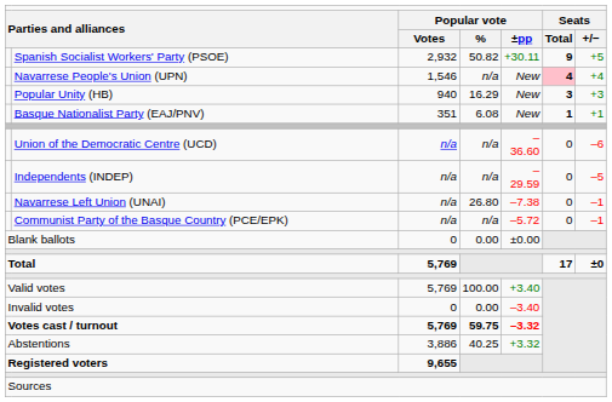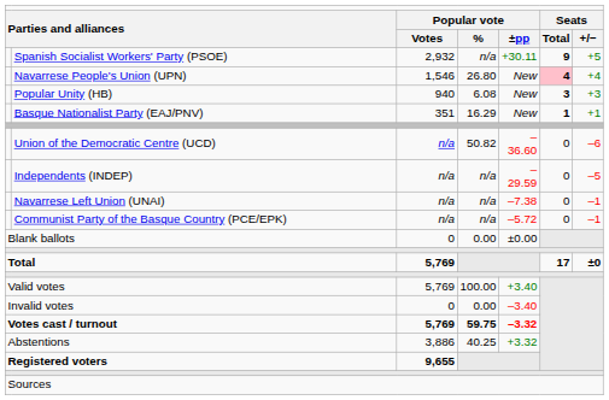 <table class="wikitable" style="text-align:right;">
 <tr>
 <td colspan="7"></td>
 </tr>
 <tr>
 <th style="text-align:left;" rowspan="2" colspan="2" width="525">Parties and alliances</th>
 <th colspan="3">Popular vote</th>
 <th colspan="2">Seats</th>
 </tr>
 <tr>
 <th width="75">Votes</th>
 <th width="45">%</th>
 <th width="45">±<a href='#'>pp</a></th>
 <th width="35">Total</th>
 <th width="35">+/−</th>
 </tr>
 <tr>
 <td width="1" style="color:inherit;background:"></td>
 <td align="left"><a href='#'>Spanish Socialist Workers' Party</a> (PSOE)</td>
 <td>2,932</td>
-<td>50.82</td>
+<td><em>n/a</em></td>
 <td style="color:green;">+30.11</td>
 <td><strong>9</strong></td>
 <td style="color:green;">+5</td>
 </tr>
 <tr>
 <td style="color:inherit;background:"></td>
 <td align="left"><a href='#'>Navarrese People's Union</a> (UPN)</td>
 <td>1,546</td>
-<td><em>n/a</em></td>
+<td>26.80</td>
 <td><em>New</em></td>
 <td style="background: pink;"><strong>4</strong></td>
 <td style="color:green;">+4</td>
 </tr>
 <tr>
 <td style="color:inherit;background:"></td>
 <td align="left"><a href='#'>Popular Unity</a> (HB)</td>
 <td>940</td>
-<td>16.29</td>
+<td>6.08</td>
 <td><em>New</em></td>
 <td><strong>3</strong></td>
 <td style="color:green;">+3</td>
 </tr>
 <tr>
 <td style="color:inherit;background:"></td>
 <td align="left"><a href='#'>Basque Nationalist Party</a> (EAJ/PNV)</td>
 <td>351</td>
-<td>6.08</td>
+<td>16.29</td>
 <td><em>New</em></td>
 <td><strong>1</strong></td>
 <td style="color:green;">+1</td>
 </tr>
 <tr>
 <td colspan="7" bgcolor="#C0C0C0"></td>
 </tr>
 <tr>
 <td style="color:inherit;background:"></td>
 <td align="left"><a href='#'>Union of the Democratic Centre</a> (UCD)</td>
 <td><em><a href='#'>n/a</a></em></td>
-<td><em>n/a</em></td>
+<td>50.82</td>
 <td style="color:red;">–36.60</td>
 <td>0</td>
 <td style="color:red;">–6</td>
 </tr>
 <tr>
 <td style="color:inherit;background:"></td>
 <td align="left"><a href='#'>Independents</a> (INDEP)</td>
 <td><em>n/a</em></td>
 <td><em>n/a</em></td>
 <td style="color:red;">–29.59</td>
 <td>0</td>
 <td style="color:red;">–5</td>
 </tr>
 <tr>
 <td style="color:inherit;background:"></td>
 <td align="left"><a href='#'>Navarrese Left Union</a> (UNAI)</td>
 <td><em>n/a</em></td>
-<td>26.80</td>
+<td><em>n/a</em></td>
 <td style="color:red;">–7.38</td>
 <td>0</td>
 <td style="color:red;">–1</td>
 </tr>
 <tr>
 <td style="color:inherit;background:"></td>
 <td align="left"><a href='#'>Communist Party of the Basque Country</a> (PCE/EPK)</td>
 <td><em>n/a</em></td>
 <td><em>n/a</em></td>
 <td style="color:red;">–5.72</td>
 <td>0</td>
 <td style="color:red;">–1</td>
 </tr>
 <tr>
 <td align="left" colspan="2">Blank ballots</td>
 <td>0</td>
 <td>0.00</td>
 <td>±0.00</td>
 <td bgcolor="#E9E9E9" colspan="2"></td>
 </tr>
 <tr>
 <td colspan="7" bgcolor="#E9E9E9"></td>
 </tr>
 <tr style="font-weight:bold;">
 <td align="left" colspan="2">Total</td>
 <td>5,769</td>
 <td bgcolor="#E9E9E9" colspan="2"></td>
 <td>17</td>
 <td>±0</td>
 </tr>
 <tr>
 <td colspan="7" bgcolor="#E9E9E9"></td>
 </tr>
 <tr>
 <td align="left" colspan="2">Valid votes</td>
 <td>5,769</td>
 <td>100.00</td>
 <td style="color:green;">+3.40</td>
 <td bgcolor="#E9E9E9" colspan="2" rowspan="5"></td>
 </tr>
 <tr>
 <td align="left" colspan="2">Invalid votes</td>
 <td>0</td>
 <td>0.00</td>
 <td style="color:red;">–3.40</td>
 </tr>
 <tr style="font-weight:bold;">
 <td align="left" colspan="2">Votes cast / turnout</td>
 <td>5,769</td>
 <td>59.75</td>
 <td style="color:red;">–3.32</td>
 </tr>
 <tr>
 <td align="left" colspan="2">Abstentions</td>
 <td>3,886</td>
 <td>40.25</td>
 <td style="color:green;">+3.32</td>
 </tr>
 <tr style="font-weight:bold;">
 <td align="left" colspan="2">Registered voters</td>
 <td>9,655</td>
 <td bgcolor="#E9E9E9" colspan="2"></td>
 </tr>
 <tr>
 <td colspan="7" bgcolor="#E9E9E9"></td>
 </tr>
 <tr>
 <td align="left" colspan="7">Sources</td>
 </tr>
 </table>
